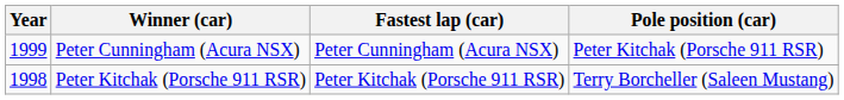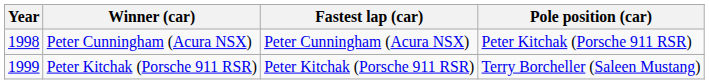 <table class="wikitable">
 <tr>
 <th>Year</th>
 <th>Winner (car)</th>
 <th>Fastest lap (car)</th>
 <th>Pole position (car)</th>
 </tr>
 <tr>
-<td><a href='#'>1999</a></td>
+<td><a href='#'>1998</a></td>
 <td> <a href='#'>Peter Cunningham</a> (<a href='#'>Acura NSX</a>)</td>
 <td> <a href='#'>Peter Cunningham</a> (<a href='#'>Acura NSX</a>)</td>
 <td> <a href='#'>Peter Kitchak</a> (<a href='#'>Porsche 911 RSR</a>)</td>
 </tr>
 <tr>
-<td><a href='#'>1998</a></td>
+<td><a href='#'>1999</a></td>
 <td> <a href='#'>Peter Kitchak</a> (<a href='#'>Porsche 911 RSR</a>)</td>
 <td> <a href='#'>Peter Kitchak</a> (<a href='#'>Porsche 911 RSR</a>)</td>
 <td> <a href='#'>Terry Borcheller</a> (<a href='#'>Saleen Mustang</a>)</td>
 </tr>
 </table>
